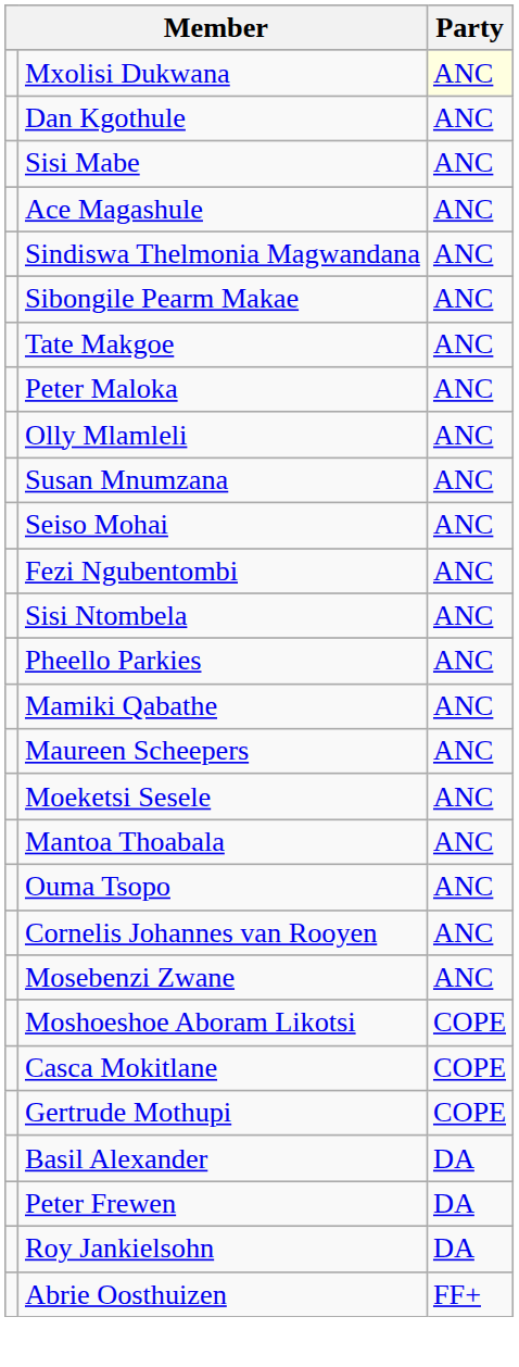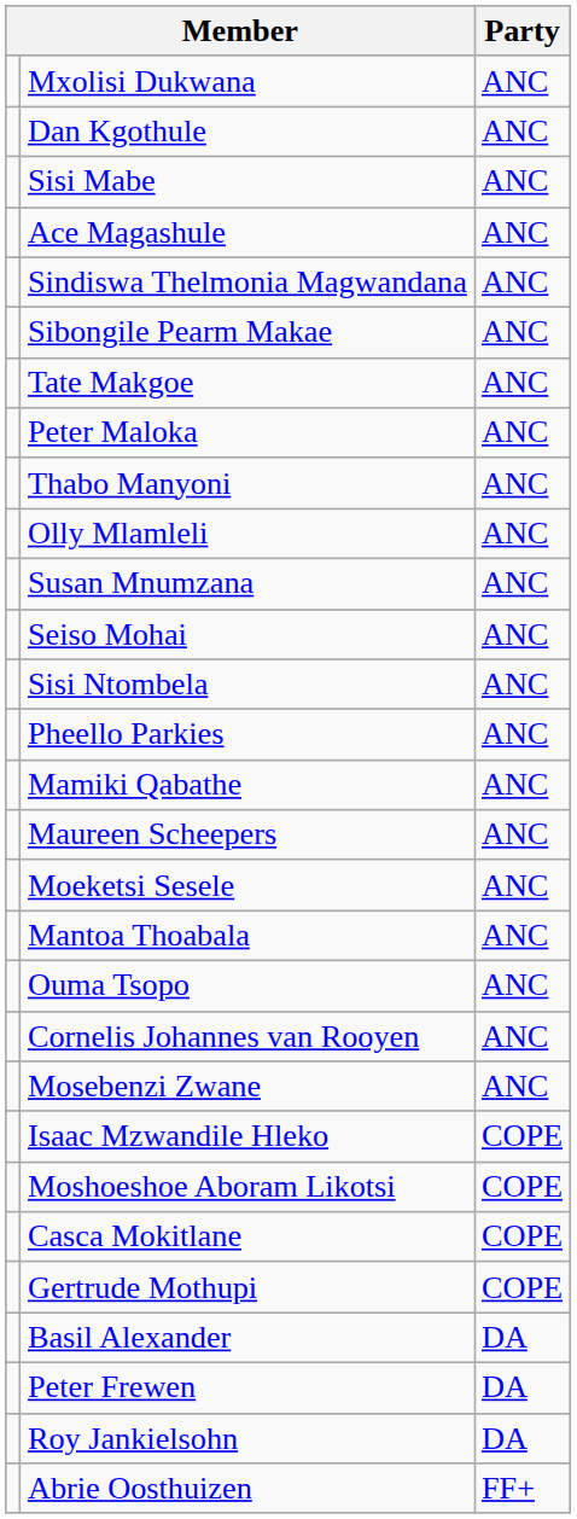 <table class="wikitable sortable">
 <tr>
 <th colspan="2">Member</th>
 <th>Party</th>
 </tr>
 <tr>
 <td style="background-color: "></td>
 <td><a href='#'>Mxolisi Dukwana</a></td>
-<td style="background: lightyellow;"><a href='#'>ANC</a></td>
+<td><a href='#'>ANC</a></td>
 </tr>
 <tr>
 <td style="background-color: "></td>
 <td><a href='#'>Dan Kgothule</a></td>
 <td><a href='#'>ANC</a></td>
 </tr>
 <tr>
 <td style="background-color: "></td>
 <td><a href='#'>Sisi Mabe</a></td>
 <td><a href='#'>ANC</a></td>
 </tr>
 <tr>
 <td style="background-color: "></td>
 <td><a href='#'>Ace Magashule</a></td>
 <td><a href='#'>ANC</a></td>
 </tr>
 <tr>
 <td style="background-color: "></td>
 <td><a href='#'>Sindiswa Thelmonia Magwandana</a></td>
 <td><a href='#'>ANC</a></td>
 </tr>
 <tr>
 <td style="background-color: "></td>
 <td><a href='#'>Sibongile Pearm Makae</a></td>
 <td><a href='#'>ANC</a></td>
 </tr>
 <tr>
 <td style="background-color: "></td>
 <td><a href='#'>Tate Makgoe</a></td>
 <td><a href='#'>ANC</a></td>
 </tr>
 <tr>
 <td style="background-color: "></td>
 <td><a href='#'>Peter Maloka</a></td>
 <td><a href='#'>ANC</a></td>
 </tr>
 <tr>
 <td style="background-color: "></td>
+<td><a href='#'>Thabo Manyoni</a></td>
+<td><a href='#'>ANC</a></td>
+</tr>
+<tr>
+<td style="background-color: "></td>
 <td><a href='#'>Olly Mlamleli</a></td>
 <td><a href='#'>ANC</a></td>
 </tr>
 <tr>
 <td style="background-color: "></td>
 <td><a href='#'>Susan Mnumzana</a></td>
 <td><a href='#'>ANC</a></td>
 </tr>
 <tr>
 <td style="background-color: "></td>
 <td><a href='#'>Seiso Mohai</a></td>
-<td><a href='#'>ANC</a></td>
-</tr>
-<tr>
-<td style="background-color: "></td>
-<td><a href='#'>Fezi Ngubentombi</a></td>
 <td><a href='#'>ANC</a></td>
 </tr>
 <tr>
 <td style="background-color: "></td>
 <td><a href='#'>Sisi Ntombela</a></td>
 <td><a href='#'>ANC</a></td>
 </tr>
 <tr>
 <td style="background-color: "></td>
 <td><a href='#'>Pheello Parkies</a></td>
 <td><a href='#'>ANC</a></td>
 </tr>
 <tr>
 <td style="background-color: "></td>
 <td><a href='#'>Mamiki Qabathe</a></td>
 <td><a href='#'>ANC</a></td>
 </tr>
 <tr>
 <td style="background-color: "></td>
 <td><a href='#'>Maureen Scheepers</a></td>
 <td><a href='#'>ANC</a></td>
 </tr>
 <tr>
 <td style="background-color: "></td>
 <td><a href='#'>Moeketsi Sesele</a></td>
 <td><a href='#'>ANC</a></td>
 </tr>
 <tr>
 <td style="background-color: "></td>
 <td><a href='#'>Mantoa Thoabala</a></td>
 <td><a href='#'>ANC</a></td>
 </tr>
 <tr>
 <td style="background-color: "></td>
 <td><a href='#'>Ouma Tsopo</a></td>
 <td><a href='#'>ANC</a></td>
 </tr>
 <tr>
 <td style="background-color: "></td>
 <td><a href='#'>Cornelis Johannes van Rooyen</a></td>
 <td><a href='#'>ANC</a></td>
 </tr>
 <tr>
 <td style="background-color: "></td>
 <td><a href='#'>Mosebenzi Zwane</a></td>
 <td><a href='#'>ANC</a></td>
 </tr>
 <tr>
 <td style="background-color: "></td>
+<td><a href='#'>Isaac Mzwandile Hleko</a></td>
+<td><a href='#'>COPE</a></td>
+</tr>
+<tr>
+<td style="background-color: "></td>
 <td><a href='#'>Moshoeshoe Aboram Likotsi</a></td>
 <td><a href='#'>COPE</a></td>
 </tr>
 <tr>
 <td style="background-color: "></td>
 <td><a href='#'>Casca Mokitlane</a></td>
 <td><a href='#'>COPE</a></td>
 </tr>
 <tr>
 <td style="background-color: "></td>
 <td><a href='#'>Gertrude Mothupi</a></td>
 <td><a href='#'>COPE</a></td>
 </tr>
 <tr>
 <td style="background-color: "></td>
 <td><a href='#'>Basil Alexander</a></td>
 <td><a href='#'>DA</a></td>
 </tr>
 <tr>
 <td style="background-color: "></td>
 <td><a href='#'>Peter Frewen</a></td>
 <td><a href='#'>DA</a></td>
 </tr>
 <tr>
 <td style="background-color: "></td>
 <td><a href='#'>Roy Jankielsohn</a></td>
 <td><a href='#'>DA</a></td>
 </tr>
 <tr>
 <td style="background-color: "></td>
 <td><a href='#'>Abrie Oosthuizen</a></td>
 <td><a href='#'>FF+</a></td>
 </tr>
 </table>
